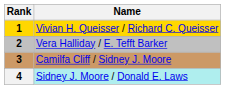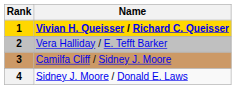 <table class="wikitable">
 <tr>
 <th>Rank</th>
 <th>Name</th>
 </tr>
 <tr bgcolor="gold">
 <td align="center"><strong>1</strong></td>
-<td><a href='#'>Vivian H. Queisser</a> / <a href='#'>Richard C. Queisser</a></td>
+<td><strong><a href='#'>Vivian H. Queisser</a> / <a href='#'>Richard C. Queisser</a></strong></td>
 </tr>
 <tr bgcolor="silver">
 <td align="center"><strong>2</strong></td>
 <td><a href='#'>Vera Halliday</a> / <a href='#'>E. Tefft Barker</a></td>
 </tr>
 <tr bgcolor="cc9966">
 <td align="center"><strong>3</strong></td>
 <td><a href='#'>Camilfa Cliff</a> / <a href='#'>Sidney J. Moore</a></td>
 </tr>
 <tr>
 <th>4</th>
-<td style="background: paleturquoise;"><a href='#'>Sidney J. Moore</a> / <a href='#'>Donald E. Laws</a></td>
+<td><a href='#'>Sidney J. Moore</a> / <a href='#'>Donald E. Laws</a></td>
 </tr>
 </table>
